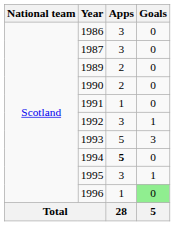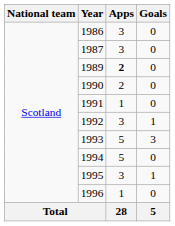 <table class="wikitable" style="text-align:center">
 <tr>
 <th>National team</th>
 <th>Year</th>
 <th>Apps</th>
 <th>Goals</th>
 </tr>
 <tr>
 <td rowspan="10"><a href='#'>Scotland</a></td>
 <td>1986</td>
 <td>3</td>
 <td>0</td>
 </tr>
 <tr>
 <td>1987</td>
 <td>3</td>
 <td>0</td>
 </tr>
 <tr>
 <td>1989</td>
-<td>2</td>
+<td><strong>2</strong></td>
 <td>0</td>
 </tr>
 <tr>
 <td>1990</td>
 <td>2</td>
 <td>0</td>
 </tr>
 <tr>
 <td>1991</td>
 <td>1</td>
 <td>0</td>
 </tr>
 <tr>
 <td>1992</td>
 <td>3</td>
 <td>1</td>
 </tr>
 <tr>
 <td>1993</td>
 <td>5</td>
 <td>3</td>
 </tr>
 <tr>
 <td>1994</td>
-<td><strong>5</strong></td>
+<td>5</td>
 <td>0</td>
 </tr>
 <tr>
 <td>1995</td>
 <td>3</td>
 <td>1</td>
 </tr>
 <tr>
 <td>1996</td>
 <td>1</td>
-<td style="background: lightgreen;">0</td>
+<td>0</td>
 </tr>
 <tr>
 <th colspan="2">Total</th>
 <th>28</th>
 <th>5</th>
 </tr>
 </table>
